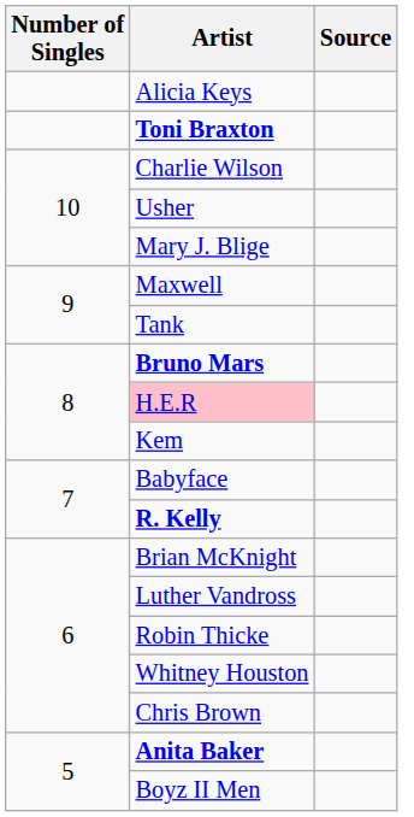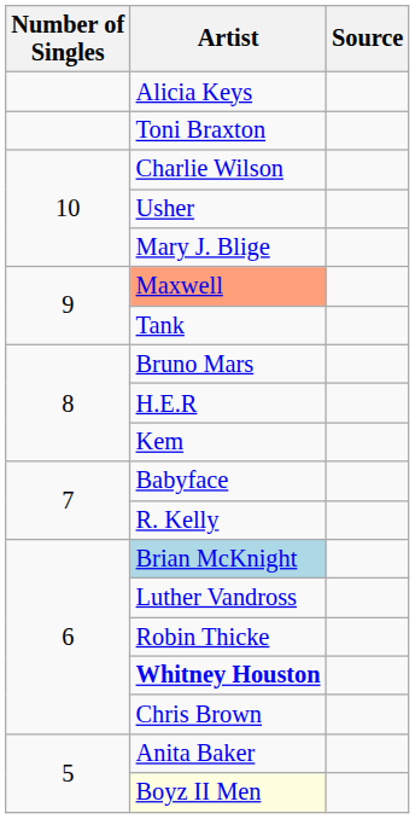 <table class="wikitable">
 <tr>
 <th>Number of<br>Singles</th>
 <th>Artist</th>
 <th>Source</th>
 </tr>
 <tr>
 <td></td>
 <td><a href='#'>Alicia Keys</a></td>
 <td></td>
 </tr>
 <tr>
 <td></td>
-<td><strong><a href='#'>Toni Braxton</a></strong></td>
+<td><a href='#'>Toni Braxton</a></td>
 <td></td>
 </tr>
 <tr>
 <td rowspan="3" style="text-align:center;">10</td>
 <td><a href='#'>Charlie Wilson</a></td>
 <td></td>
 </tr>
 <tr>
 <td><a href='#'>Usher</a></td>
 <td></td>
 </tr>
 <tr>
 <td><a href='#'>Mary J. Blige</a></td>
 <td></td>
 </tr>
 <tr>
 <td rowspan="2" style="text-align:center;">9</td>
-<td><a href='#'>Maxwell</a></td>
+<td style="background: lightsalmon;"><a href='#'>Maxwell</a></td>
 <td></td>
 </tr>
 <tr>
 <td><a href='#'>Tank</a></td>
 <td></td>
 </tr>
 <tr>
 <td rowspan="3" style="text-align:center;">8</td>
-<td><strong><a href='#'>Bruno Mars</a></strong></td>
+<td><a href='#'>Bruno Mars</a></td>
 <td></td>
 </tr>
 <tr>
-<td style="background: pink;"><a href='#'>H.E.R</a></td>
+<td><a href='#'>H.E.R</a></td>
 <td></td>
 </tr>
 <tr>
 <td><a href='#'>Kem</a></td>
 <td></td>
 </tr>
 <tr>
 <td rowspan=2 style="text-align:center;">7</td>
 <td><a href='#'>Babyface</a></td>
 <td></td>
 </tr>
 <tr>
-<td><strong><a href='#'>R. Kelly</a></strong></td>
+<td><a href='#'>R. Kelly</a></td>
 <td></td>
 </tr>
 <tr>
 <td rowspan=5 style="text-align:center;">6</td>
-<td><a href='#'>Brian McKnight</a></td>
+<td style="background: lightblue;"><a href='#'>Brian McKnight</a></td>
 <td></td>
 </tr>
 <tr>
 <td><a href='#'>Luther Vandross</a></td>
 <td></td>
 </tr>
 <tr>
 <td><a href='#'>Robin Thicke</a></td>
 <td></td>
 </tr>
 <tr>
-<td><a href='#'>Whitney Houston</a></td>
+<td><strong><a href='#'>Whitney Houston</a></strong></td>
 <td></td>
 </tr>
 <tr>
 <td><a href='#'>Chris Brown</a></td>
 <td></td>
 </tr>
 <tr>
 <td rowspan=2 style="text-align:center;">5</td>
-<td><strong><a href='#'>Anita Baker</a></strong></td>
+<td><a href='#'>Anita Baker</a></td>
 <td></td>
 </tr>
 <tr>
-<td><a href='#'>Boyz II Men</a></td>
+<td style="background: lightyellow;"><a href='#'>Boyz II Men</a></td>
 <td></td>
 </tr>
 </table>
